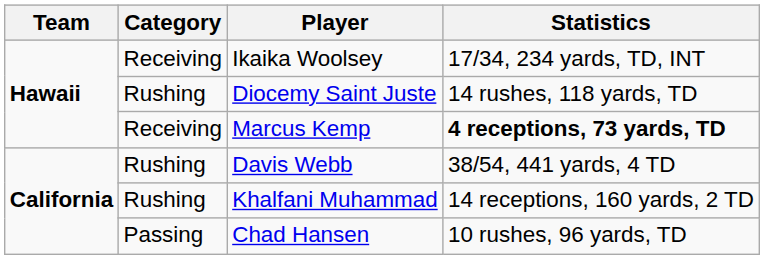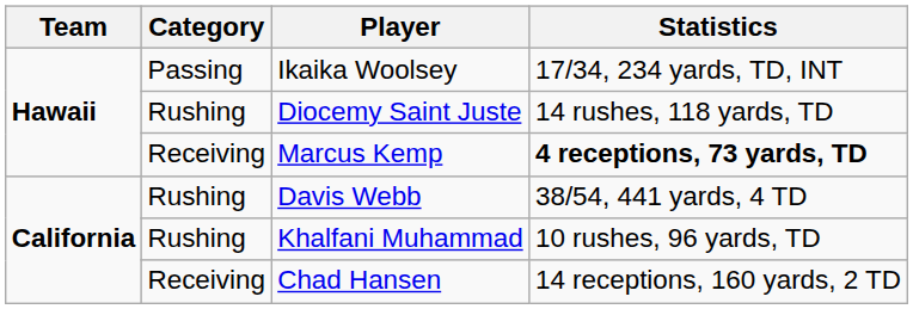 <table class="wikitable" style="float: left;">
 <tr>
 <th>Team</th>
 <th>Category</th>
 <th>Player</th>
 <th>Statistics</th>
 </tr>
 <tr>
 <td rowspan=3><strong>Hawaii</strong></td>
-<td>Receiving</td>
+<td>Passing</td>
 <td>Ikaika Woolsey</td>
 <td>17/34, 234 yards, TD, INT</td>
 </tr>
 <tr>
 <td>Rushing</td>
 <td><a href='#'>Diocemy Saint Juste</a></td>
 <td>14 rushes, 118 yards, TD</td>
 </tr>
 <tr>
 <td>Receiving</td>
 <td><a href='#'>Marcus Kemp</a></td>
 <td><strong>4 receptions, 73 yards, TD</strong></td>
 </tr>
 <tr>
 <td rowspan=3><strong>California</strong></td>
 <td>Rushing</td>
 <td><a href='#'>Davis Webb</a></td>
 <td>38/54, 441 yards, 4 TD</td>
 </tr>
 <tr>
 <td>Rushing</td>
 <td><a href='#'>Khalfani Muhammad</a></td>
+<td>10 rushes, 96 yards, TD</td>
+</tr>
+<tr>
+<td>Receiving</td>
+<td><a href='#'>Chad Hansen</a></td>
 <td>14 receptions, 160 yards, 2 TD</td>
 </tr>
-<tr>
-<td>Passing</td>
-<td><a href='#'>Chad Hansen</a></td>
-<td>10 rushes, 96 yards, TD</td>
-</tr>
 </table>
